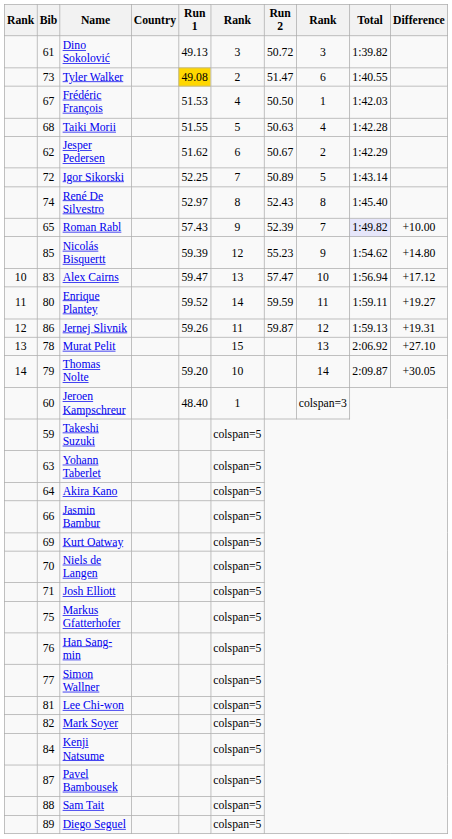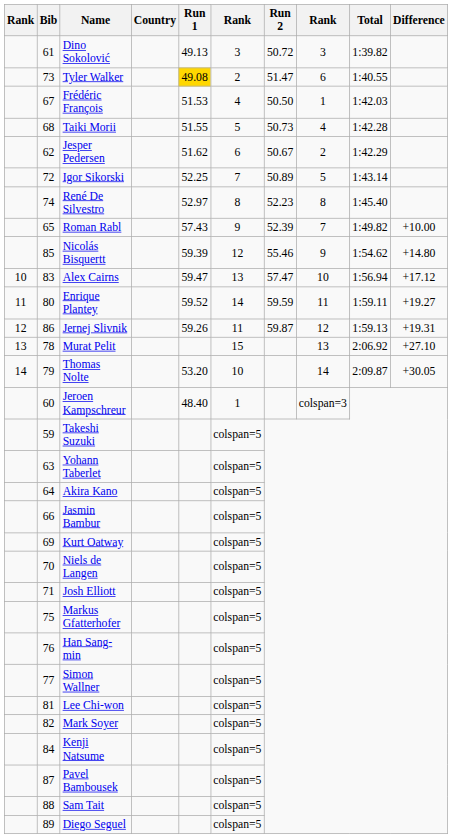 <table class="wikitable sortable" style="text-align:center">
 <tr>
 <th>Rank</th>
 <th>Bib</th>
 <th>Name</th>
 <th>Country</th>
 <th>Run 1</th>
 <th>Rank</th>
 <th>Run 2</th>
 <th>Rank</th>
 <th>Total</th>
 <th>Difference</th>
 </tr>
 <tr>
 <td></td>
 <td>61</td>
 <td align="left"><a href='#'>Dino Sokolović</a></td>
 <td align="left"></td>
 <td>49.13</td>
 <td>3</td>
 <td>50.72</td>
 <td>3</td>
 <td>1:39.82</td>
 <td></td>
 </tr>
 <tr>
 <td></td>
 <td>73</td>
 <td align="left"><a href='#'>Tyler Walker</a></td>
 <td align="left"></td>
 <td style="background: gold;">49.08</td>
 <td>2</td>
 <td>51.47</td>
 <td>6</td>
 <td>1:40.55</td>
 <td></td>
 </tr>
 <tr>
 <td></td>
 <td>67</td>
 <td align="left"><a href='#'>Frédéric François</a></td>
 <td align="left"></td>
 <td>51.53</td>
 <td>4</td>
 <td>50.50</td>
 <td>1</td>
 <td>1:42.03</td>
 <td></td>
 </tr>
 <tr>
 <td></td>
 <td>68</td>
 <td align="left"><a href='#'>Taiki Morii</a></td>
 <td align="left"></td>
 <td>51.55</td>
 <td>5</td>
-<td>50.63</td>
+<td>50.73</td>
 <td>4</td>
 <td>1:42.28</td>
 <td></td>
 </tr>
 <tr>
 <td></td>
 <td>62</td>
 <td align="left"><a href='#'>Jesper Pedersen</a></td>
 <td align="left"></td>
 <td>51.62</td>
 <td>6</td>
 <td>50.67</td>
 <td>2</td>
 <td>1:42.29</td>
 <td></td>
 </tr>
 <tr>
 <td></td>
 <td>72</td>
 <td align="left"><a href='#'>Igor Sikorski</a></td>
 <td align="left"></td>
 <td>52.25</td>
 <td>7</td>
 <td>50.89</td>
 <td>5</td>
 <td>1:43.14</td>
 <td></td>
 </tr>
 <tr>
 <td></td>
 <td>74</td>
 <td align="left"><a href='#'>René De Silvestro</a></td>
 <td align="left"></td>
 <td>52.97</td>
 <td>8</td>
-<td>52.43</td>
+<td>52.23</td>
 <td>8</td>
 <td>1:45.40</td>
 <td></td>
 </tr>
 <tr>
 <td></td>
 <td>65</td>
 <td align="left"><a href='#'>Roman Rabl</a></td>
 <td align="left"></td>
 <td>57.43</td>
 <td>9</td>
 <td>52.39</td>
 <td>7</td>
-<td style="background: lavender;">1:49.82</td>
+<td>1:49.82</td>
 <td>+10.00</td>
 </tr>
 <tr>
 <td></td>
 <td>85</td>
 <td align="left"><a href='#'>Nicolás Bisquertt</a></td>
 <td align="left"></td>
 <td>59.39</td>
 <td>12</td>
-<td>55.23</td>
+<td>55.46</td>
 <td>9</td>
 <td>1:54.62</td>
 <td>+14.80</td>
 </tr>
 <tr>
 <td>10</td>
 <td>83</td>
 <td align="left"><a href='#'>Alex Cairns</a></td>
 <td align="left"></td>
 <td>59.47</td>
 <td>13</td>
 <td>57.47</td>
 <td>10</td>
 <td>1:56.94</td>
 <td>+17.12</td>
 </tr>
 <tr>
 <td>11</td>
 <td>80</td>
 <td align="left"><a href='#'>Enrique Plantey</a></td>
 <td align="left"></td>
 <td>59.52</td>
 <td>14</td>
 <td>59.59</td>
 <td>11</td>
 <td>1:59.11</td>
 <td>+19.27</td>
 </tr>
 <tr>
 <td>12</td>
 <td>86</td>
 <td align="left"><a href='#'>Jernej Slivnik</a></td>
 <td align="left"></td>
 <td>59.26</td>
 <td>11</td>
 <td>59.87</td>
 <td>12</td>
 <td>1:59.13</td>
 <td>+19.31</td>
 </tr>
 <tr>
 <td>13</td>
 <td>78</td>
 <td align="left"><a href='#'>Murat Pelit</a></td>
 <td align="left"></td>
 <td></td>
 <td>15</td>
 <td></td>
 <td>13</td>
 <td>2:06.92</td>
 <td>+27.10</td>
 </tr>
 <tr>
 <td>14</td>
 <td>79</td>
 <td align="left"><a href='#'>Thomas Nolte</a></td>
 <td align="left"></td>
-<td>59.20</td>
+<td>53.20</td>
 <td>10</td>
 <td></td>
 <td>14</td>
 <td>2:09.87</td>
 <td>+30.05</td>
 </tr>
 <tr>
 <td></td>
 <td>60</td>
 <td align="left"><a href='#'>Jeroen Kampschreur</a></td>
 <td align="left"></td>
 <td>48.40</td>
 <td>1</td>
 <td></td>
 <td>colspan=3 </td>
 </tr>
 <tr>
 <td></td>
 <td>59</td>
 <td align="left"><a href='#'>Takeshi Suzuki</a></td>
 <td align="left"></td>
 <td></td>
 <td>colspan=5 </td>
 </tr>
 <tr>
 <td></td>
 <td>63</td>
 <td align="left"><a href='#'>Yohann Taberlet</a></td>
 <td align="left"></td>
 <td></td>
 <td>colspan=5 </td>
 </tr>
 <tr>
 <td></td>
 <td>64</td>
 <td align="left"><a href='#'>Akira Kano</a></td>
 <td align="left"></td>
 <td></td>
 <td>colspan=5 </td>
 </tr>
 <tr>
 <td></td>
 <td>66</td>
 <td align="left"><a href='#'>Jasmin Bambur</a></td>
 <td align="left"></td>
 <td></td>
 <td>colspan=5 </td>
 </tr>
 <tr>
 <td></td>
 <td>69</td>
 <td align="left"><a href='#'>Kurt Oatway</a></td>
 <td align="left"></td>
 <td></td>
 <td>colspan=5 </td>
 </tr>
 <tr>
 <td></td>
 <td>70</td>
 <td align="left"><a href='#'>Niels de Langen</a></td>
 <td align="left"></td>
 <td></td>
 <td>colspan=5 </td>
 </tr>
 <tr>
 <td></td>
 <td>71</td>
 <td align="left"><a href='#'>Josh Elliott</a></td>
 <td align="left"></td>
 <td></td>
 <td>colspan=5 </td>
 </tr>
 <tr>
 <td></td>
 <td>75</td>
 <td align="left"><a href='#'>Markus Gfatterhofer</a></td>
 <td align="left"></td>
 <td></td>
 <td>colspan=5 </td>
 </tr>
 <tr>
 <td></td>
 <td>76</td>
 <td align="left"><a href='#'>Han Sang-min</a></td>
 <td align="left"></td>
 <td></td>
 <td>colspan=5 </td>
 </tr>
 <tr>
 <td></td>
 <td>77</td>
 <td align="left"><a href='#'>Simon Wallner</a></td>
 <td align="left"></td>
 <td></td>
 <td>colspan=5 </td>
 </tr>
 <tr>
 <td></td>
 <td>81</td>
 <td align="left"><a href='#'>Lee Chi-won</a></td>
 <td align="left"></td>
 <td></td>
 <td>colspan=5 </td>
 </tr>
 <tr>
 <td></td>
 <td>82</td>
 <td align="left"><a href='#'>Mark Soyer</a></td>
 <td align="left"></td>
 <td></td>
 <td>colspan=5 </td>
 </tr>
 <tr>
 <td></td>
 <td>84</td>
 <td align="left"><a href='#'>Kenji Natsume</a></td>
 <td align="left"></td>
 <td></td>
 <td>colspan=5 </td>
 </tr>
 <tr>
 <td></td>
 <td>87</td>
 <td align="left"><a href='#'>Pavel Bambousek</a></td>
 <td align="left"></td>
 <td></td>
 <td>colspan=5 </td>
 </tr>
 <tr>
 <td></td>
 <td>88</td>
 <td align="left"><a href='#'>Sam Tait</a></td>
 <td align="left"></td>
 <td></td>
 <td>colspan=5 </td>
 </tr>
 <tr>
 <td></td>
 <td>89</td>
 <td align="left"><a href='#'>Diego Seguel</a></td>
 <td align="left"></td>
 <td></td>
 <td>colspan=5 </td>
 </tr>
 </table>
